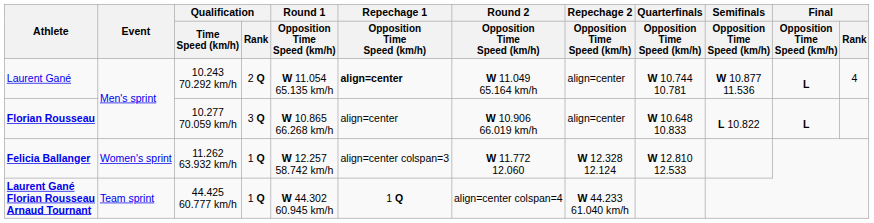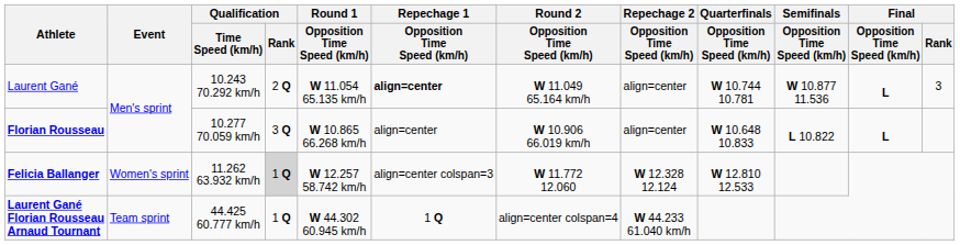 <table class="wikitable" style="font-size:90%">
 <tr>
 <th rowspan="2">Athlete</th>
 <th rowspan="2">Event</th>
 <th colspan=2>Qualification</th>
 <th>Round 1</th>
 <th>Repechage 1</th>
 <th>Round 2</th>
 <th>Repechage 2</th>
 <th>Quarterfinals</th>
 <th>Semifinals</th>
 <th colspan=2>Final</th>
 </tr>
 <tr style="font-size:95%">
 <th>Time<br>Speed (km/h)</th>
 <th>Rank</th>
 <th>Opposition<br>Time<br>Speed (km/h)</th>
 <th>Opposition<br>Time<br>Speed (km/h)</th>
 <th>Opposition<br>Time<br>Speed (km/h)</th>
 <th>Opposition<br>Time<br>Speed (km/h)</th>
 <th>Opposition<br>Time<br>Speed (km/h)</th>
 <th>Opposition<br>Time<br>Speed (km/h)</th>
 <th>Opposition<br>Time<br>Speed (km/h)</th>
 <th>Rank</th>
 </tr>
 <tr>
 <td align=left><a href='#'>Laurent Gané</a></td>
 <td align=left rowspan=2><a href='#'>Men's sprint</a></td>
 <td align=center>10.243<br> 70.292 km/h</td>
 <td align=center>2 <strong>Q</strong></td>
 <td align=center><br><strong>W</strong> 11.054<br> 65.135 km/h</td>
 <td><strong>align=center </strong></td>
 <td align=center><br><strong>W</strong> 11.049<br> 65.164 km/h</td>
 <td>align=center </td>
 <td align=center><br><strong>W</strong> 10.744<br> 10.781</td>
 <td align=center><br><strong>W</strong> 10.877<br> 11.536</td>
 <td align=center><br><strong>L</strong></td>
-<td align=center>4</td>
+<td align=center>3</td>
 </tr>
 <tr>
 <td align=left><strong><a href='#'>Florian Rousseau</a></strong></td>
 <td align=center>10.277<br> 70.059 km/h</td>
 <td align=center>3 <strong>Q</strong></td>
 <td align=center><br><strong>W</strong> 10.865<br> 66.268 km/h</td>
 <td>align=center </td>
 <td align=center><br><strong>W</strong> 10.906<br> 66.019 km/h</td>
 <td>align=center </td>
 <td align=center><br><strong>W</strong> 10.648<br> 10.833</td>
 <td align=center><br><strong>L</strong> 10.822</td>
 <td align=center><br><strong>L</strong></td>
 <td align=center></td>
 </tr>
 <tr>
 <td align=left><strong><a href='#'>Felicia Ballanger</a></strong></td>
 <td align=left><a href='#'>Women's sprint</a></td>
 <td align=center>11.262<br> 63.932 km/h</td>
-<td align=center>1 <strong>Q</strong></td>
+<td align=center style="background: lightgrey;">1 <strong>Q</strong></td>
 <td align=center><br><strong>W</strong> 12.257<br> 58.742 km/h</td>
 <td>align=center colspan=3 </td>
 <td align=center><br><strong>W</strong> 11.772<br> 12.060</td>
 <td align=center><br><strong>W</strong> 12.328<br> 12.124</td>
 <td align=center><br><strong>W</strong> 12.810<br> 12.533</td>
 <td align=center></td>
 </tr>
 <tr>
 <td align=left><strong><a href='#'>Laurent Gané</a><br> <a href='#'>Florian Rousseau</a><br> <a href='#'>Arnaud Tournant</a></strong></td>
 <td align=left><a href='#'>Team sprint</a></td>
 <td align=center>44.425<br> 60.777 km/h</td>
 <td align=center>1 <strong>Q</strong></td>
 <td align=center><br><strong>W</strong> 44.302<br> 60.945 km/h</td>
 <td align=center>1 <strong>Q</strong></td>
 <td>align=center colspan=4 </td>
 <td align=center><br><strong>W</strong> 44.233<br> 61.040 km/h</td>
 <td align=center></td>
 </tr>
 </table>
